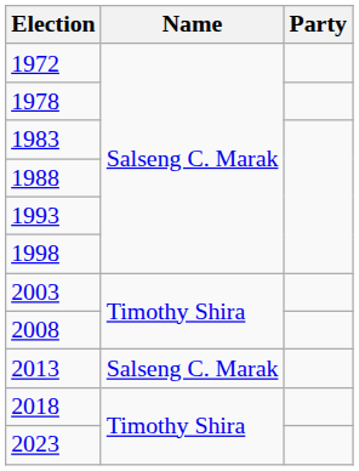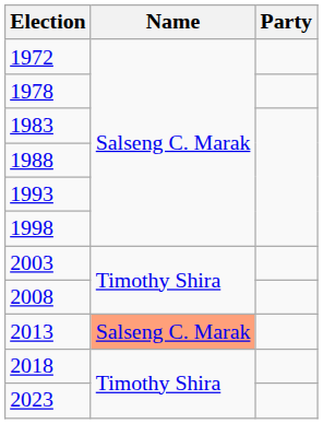 <table class="wikitable">
 <tr>
 <th>Election</th>
 <th>Name</th>
 <th colspan=2>Party</th>
 </tr>
 <tr>
 <td><a href='#'>1972</a></td>
 <td rowspan=6><a href='#'>Salseng C. Marak</a></td>
 <td></td>
 </tr>
 <tr>
 <td><a href='#'>1978</a></td>
 <td></td>
 </tr>
 <tr>
 <td><a href='#'>1983</a></td>
 </tr>
 <tr>
 <td><a href='#'>1988</a></td>
 </tr>
 <tr>
 <td><a href='#'>1993</a></td>
 </tr>
 <tr>
 <td><a href='#'>1998</a></td>
 </tr>
 <tr>
 <td><a href='#'>2003</a></td>
 <td rowspan=2><a href='#'>Timothy Shira</a></td>
 <td></td>
 </tr>
 <tr>
 <td><a href='#'>2008</a></td>
 </tr>
 <tr>
 <td><a href='#'>2013</a></td>
-<td><a href='#'>Salseng C. Marak</a></td>
+<td style="background: lightsalmon;"><a href='#'>Salseng C. Marak</a></td>
 <td></td>
 </tr>
 <tr>
 <td><a href='#'>2018</a></td>
 <td rowspan=2><a href='#'>Timothy Shira</a></td>
 <td></td>
 </tr>
 <tr>
 <td><a href='#'>2023</a></td>
 </tr>
 </table>
